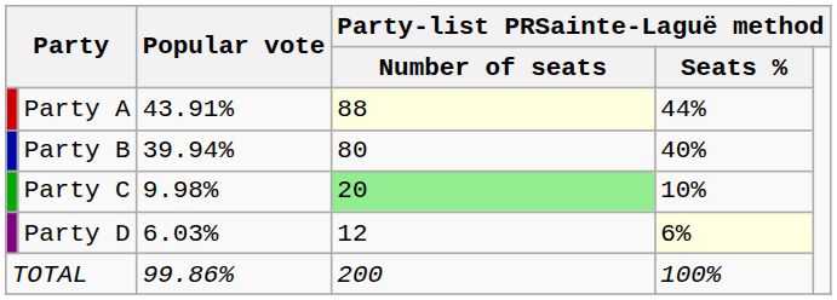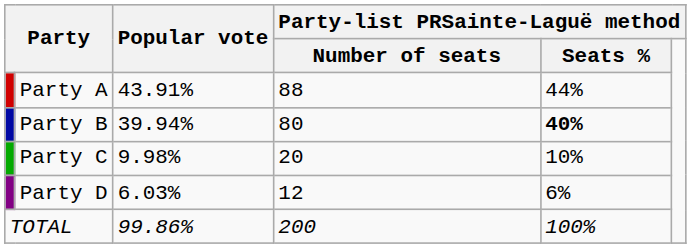 <table class="wikitable">
 <tr>
 <th colspan="2" rowspan="2">Party</th>
 <th rowspan="2">Popular vote</th>
 <th colspan="3">Party-list PRSainte-Laguë method</th>
 </tr>
 <tr>
 <th>Number of seats</th>
 <th>Seats %</th>
 <td rowspan="6"></td>
 </tr>
 <tr>
 <td style="background:#D10000"></td>
 <td>Party A</td>
 <td>43.91%</td>
-<td style="background: lightyellow;">88</td>
+<td>88</td>
 <td>44%</td>
 </tr>
 <tr>
 <td style="background:#0008A5"></td>
 <td>Party B</td>
 <td>39.94%</td>
 <td>80</td>
-<td>40%</td>
+<td><strong>40%</strong></td>
 </tr>
 <tr>
 <td style="background:#03AA00"></td>
 <td>Party C</td>
 <td>9.98%</td>
-<td style="background: lightgreen;">20</td>
+<td>20</td>
 <td>10%</td>
 </tr>
 <tr>
 <td style="background:#820084"></td>
 <td>Party D</td>
 <td>6.03%</td>
 <td>12</td>
-<td style="background: lightyellow;">6%</td>
+<td>6%</td>
 </tr>
 <tr>
 <td colspan="2"><em>TOTAL</em></td>
 <td><em>99.86%</em></td>
 <td><em>200</em></td>
 <td><em>100%</em></td>
 </tr>
 </table>
